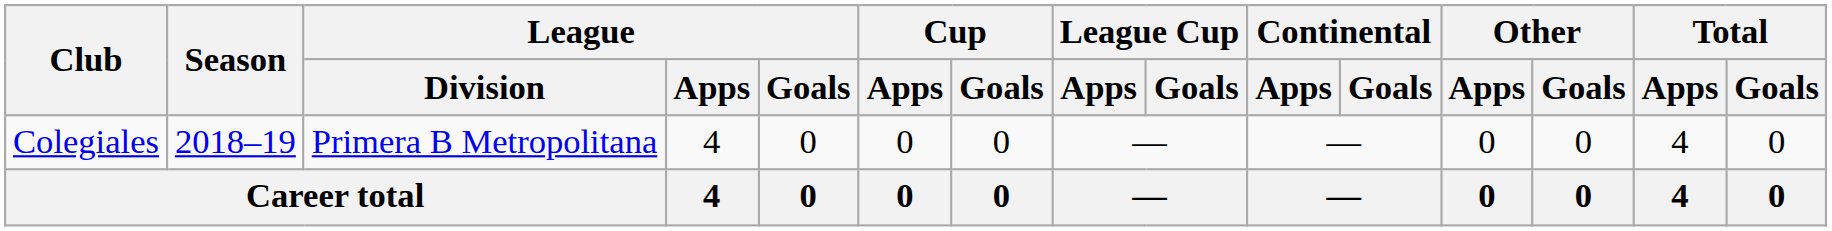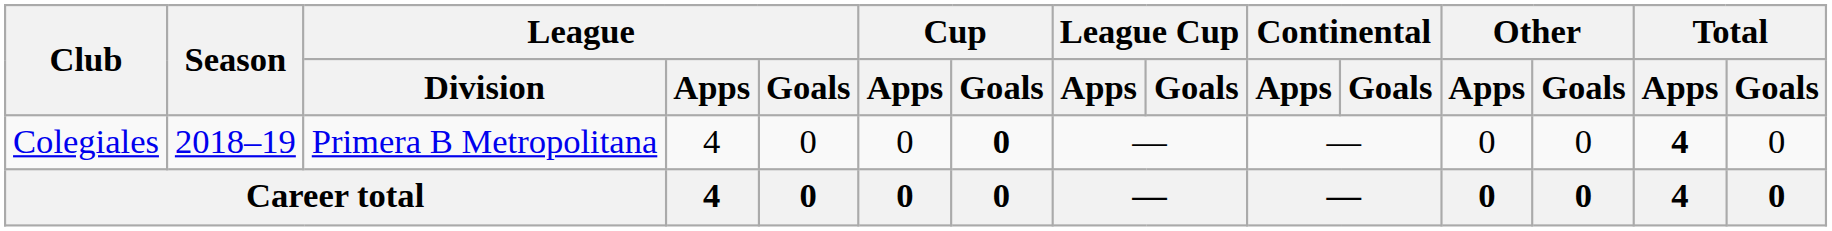 <table class="wikitable" style="text-align:center">
 <tr>
 <th rowspan="2">Club</th>
 <th rowspan="2">Season</th>
 <th colspan="3">League</th>
 <th colspan="2">Cup</th>
 <th colspan="2">League Cup</th>
 <th colspan="2">Continental</th>
 <th colspan="2">Other</th>
 <th colspan="2">Total</th>
 </tr>
 <tr>
 <th>Division</th>
 <th>Apps</th>
 <th>Goals</th>
 <th>Apps</th>
 <th>Goals</th>
 <th>Apps</th>
 <th>Goals</th>
 <th>Apps</th>
 <th>Goals</th>
 <th>Apps</th>
 <th>Goals</th>
 <th>Apps</th>
 <th>Goals</th>
 </tr>
 <tr>
 <td rowspan="1"><a href='#'>Colegiales</a></td>
 <td><a href='#'>2018–19</a></td>
 <td rowspan="1"><a href='#'>Primera B Metropolitana</a></td>
 <td>4</td>
 <td>0</td>
 <td>0</td>
-<td>0</td>
+<td><strong>0</strong></td>
 <td colspan="2">—</td>
 <td colspan="2">—</td>
 <td>0</td>
 <td>0</td>
-<td>4</td>
+<td><strong>4</strong></td>
 <td>0</td>
 </tr>
 <tr>
 <th colspan="3">Career total</th>
 <th>4</th>
 <th>0</th>
 <th>0</th>
 <th>0</th>
 <th colspan="2">—</th>
 <th colspan="2">—</th>
 <th>0</th>
 <th>0</th>
 <th>4</th>
 <th>0</th>
 </tr>
 </table>
